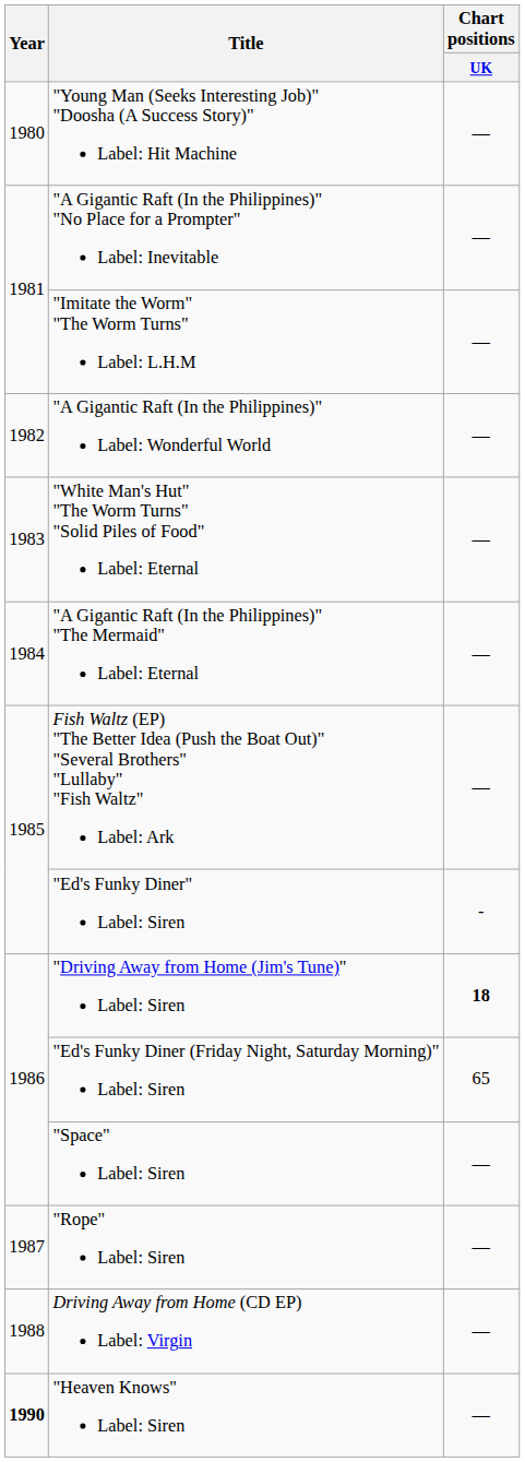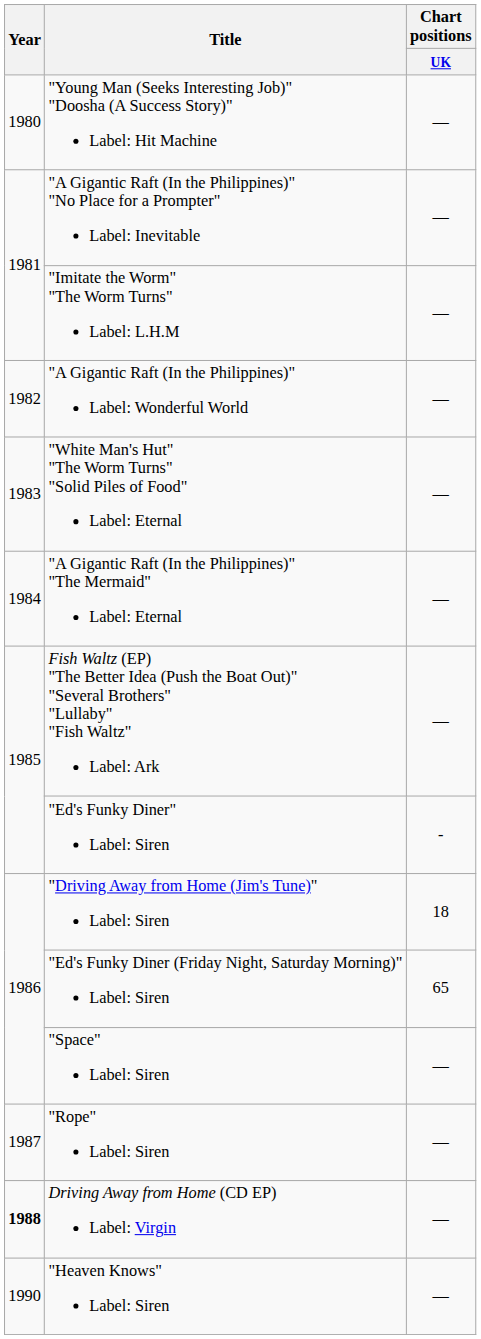 <table class="wikitable" style=text-align:center;>
 <tr>
 <th rowspan="2">Year</th>
 <th rowspan="2">Title</th>
 <th>Chart positions</th>
 </tr>
 <tr>
 <th width="30"><small><a href='#'>UK</a></small><br></th>
 </tr>
 <tr>
 <td>1980</td>
 <td align="left">"Young Man (Seeks Interesting Job)"<br>"Doosha (A Success Story)"<ul><li>Label: Hit Machine</li></ul></td>
 <td style="text-align:center;">—</td>
 </tr>
 <tr>
 <td rowspan="2">1981</td>
 <td align="left">"A Gigantic Raft (In the Philippines)"<br>"No Place for a Prompter"<ul><li>Label: Inevitable</li></ul></td>
 <td style="text-align:center;">—</td>
 </tr>
 <tr>
 <td align="left">"Imitate the Worm"<br>"The Worm Turns"<ul><li>Label: L.H.M</li></ul></td>
 <td style="text-align:center;">—</td>
 </tr>
 <tr>
 <td>1982</td>
 <td align="left">"A Gigantic Raft (In the Philippines)"<br><ul><li>Label: Wonderful World</li></ul></td>
 <td style="text-align:center;">—</td>
 </tr>
 <tr>
 <td>1983</td>
 <td align="left">"White Man's Hut"<br>"The Worm Turns"<br>"Solid Piles of Food"<ul><li>Label: Eternal</li></ul></td>
 <td style="text-align:center;">—</td>
 </tr>
 <tr>
 <td>1984</td>
 <td align="left">"A Gigantic Raft (In the Philippines)"<br>"The Mermaid"<ul><li>Label: Eternal</li></ul></td>
 <td style="text-align:center;">—</td>
 </tr>
 <tr>
 <td rowspan="2">1985</td>
 <td align="left"><em>Fish Waltz</em> (EP)<br>"The Better Idea (Push the Boat Out)"<br>"Several Brothers"<br>"Lullaby"<br>"Fish Waltz"<ul><li>Label: Ark</li></ul></td>
 <td style="text-align:center;">—</td>
 </tr>
 <tr>
 <td align="left">"Ed's Funky Diner"<br><ul><li>Label: Siren</li></ul></td>
 <td style="text-align:center;">-</td>
 </tr>
 <tr>
 <td rowspan="3">1986</td>
 <td align="left">"<a href='#'>Driving Away from Home (Jim's Tune)</a>"<br><ul><li>Label: Siren</li></ul></td>
-<td style="text-align:center;"><strong>18</strong></td>
+<td style="text-align:center;">18</td>
 </tr>
 <tr>
 <td align="left">"Ed's Funky Diner (Friday Night, Saturday Morning)"<br><ul><li>Label: Siren</li></ul></td>
 <td style="text-align:center;">65</td>
 </tr>
 <tr>
 <td align="left">"Space"<br><ul><li>Label: Siren</li></ul></td>
 <td style="text-align:center;">—</td>
 </tr>
 <tr>
 <td>1987</td>
 <td align="left">"Rope"<br><ul><li>Label: Siren</li></ul></td>
 <td style="text-align:center;">—</td>
 </tr>
 <tr>
-<td>1988</td>
+<td><strong>1988</strong></td>
 <td align="left"><em>Driving Away from Home</em> (CD EP)<br><ul><li>Label: <a href='#'>Virgin</a></li></ul></td>
 <td style="text-align:center;">—</td>
 </tr>
 <tr>
-<td><strong>1990</strong></td>
+<td>1990</td>
 <td align="left">"Heaven Knows"<br><ul><li>Label: Siren</li></ul></td>
 <td style="text-align:center;">—</td>
 </tr>
 </table>
